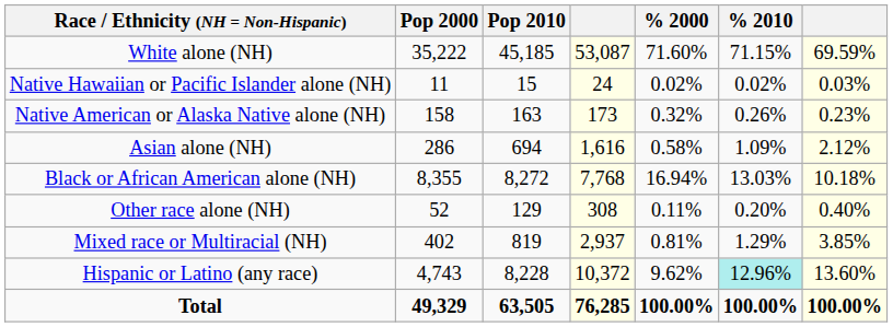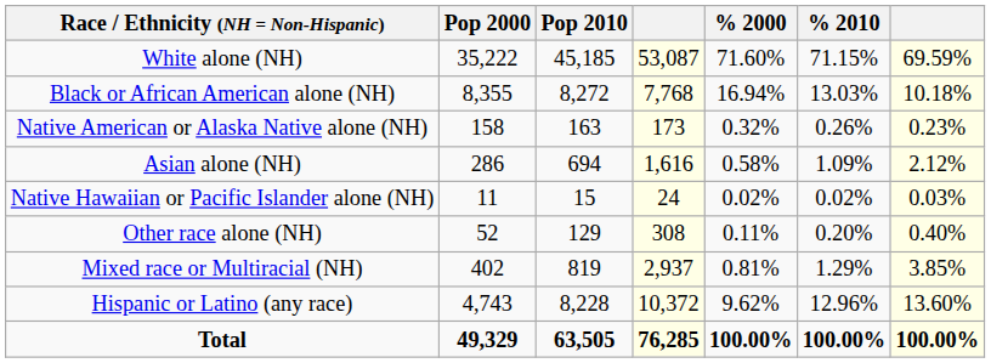 <table class="wikitable" style="text-align:center;">
 <tr>
 <th>Race / Ethnicity <small>(<em>NH = Non-Hispanic</em>)</small></th>
 <th>Pop 2000</th>
 <th>Pop 2010</th>
 <th></th>
 <th>% 2000</th>
 <th>% 2010</th>
 <th></th>
 </tr>
 <tr>
 <td><a href='#'>White</a> alone (NH)</td>
 <td>35,222</td>
 <td>45,185</td>
 <td style='background: #ffffe6;'>53,087</td>
 <td>71.60%</td>
 <td>71.15%</td>
 <td style='background: #ffffe6;'>69.59%</td>
 </tr>
 <tr>
-<td><a href='#'>Native Hawaiian</a> or <a href='#'>Pacific Islander</a> alone (NH)</td>
-<td>11</td>
-<td>15</td>
-<td style='background: #ffffe6;'>24</td>
-<td>0.02%</td>
-<td>0.02%</td>
-<td style='background: #ffffe6;'>0.03%</td>
+<td><a href='#'>Black or African American</a> alone (NH)</td>
+<td>8,355</td>
+<td>8,272</td>
+<td style='background: #ffffe6;'>7,768</td>
+<td>16.94%</td>
+<td>13.03%</td>
+<td style='background: #ffffe6;'>10.18%</td>
 </tr>
 <tr>
 <td><a href='#'>Native American</a> or <a href='#'>Alaska Native</a> alone (NH)</td>
 <td>158</td>
 <td>163</td>
 <td style='background: #ffffe6;'>173</td>
 <td>0.32%</td>
 <td>0.26%</td>
 <td style='background: #ffffe6;'>0.23%</td>
 </tr>
 <tr>
 <td><a href='#'>Asian</a> alone (NH)</td>
 <td>286</td>
 <td>694</td>
 <td style='background: #ffffe6;'>1,616</td>
 <td>0.58%</td>
 <td>1.09%</td>
 <td style='background: #ffffe6;'>2.12%</td>
 </tr>
 <tr>
-<td><a href='#'>Black or African American</a> alone (NH)</td>
-<td>8,355</td>
-<td>8,272</td>
-<td style='background: #ffffe6;'>7,768</td>
-<td>16.94%</td>
-<td>13.03%</td>
-<td style='background: #ffffe6;'>10.18%</td>
+<td><a href='#'>Native Hawaiian</a> or <a href='#'>Pacific Islander</a> alone (NH)</td>
+<td>11</td>
+<td>15</td>
+<td style='background: #ffffe6;'>24</td>
+<td>0.02%</td>
+<td>0.02%</td>
+<td style='background: #ffffe6;'>0.03%</td>
 </tr>
 <tr>
 <td><a href='#'>Other race</a> alone (NH)</td>
 <td>52</td>
 <td>129</td>
 <td style='background: #ffffe6;'>308</td>
 <td>0.11%</td>
 <td>0.20%</td>
 <td style='background: #ffffe6;'>0.40%</td>
 </tr>
 <tr>
 <td><a href='#'>Mixed race or Multiracial</a> (NH)</td>
 <td>402</td>
 <td>819</td>
 <td style='background: #ffffe6;'>2,937</td>
 <td>0.81%</td>
 <td>1.29%</td>
 <td style='background: #ffffe6;'>3.85%</td>
 </tr>
 <tr>
 <td><a href='#'>Hispanic or Latino</a> (any race)</td>
 <td>4,743</td>
 <td>8,228</td>
 <td style='background: #ffffe6;'>10,372</td>
 <td>9.62%</td>
-<td style="background: paleturquoise;">12.96%</td>
+<td>12.96%</td>
 <td style='background: #ffffe6;'>13.60%</td>
 </tr>
 <tr>
 <td><strong>Total</strong></td>
 <td><strong>49,329</strong></td>
 <td><strong>63,505</strong></td>
 <td style='background: #ffffe6;'><strong>76,285</strong></td>
 <td><strong>100.00%</strong></td>
 <td><strong>100.00%</strong></td>
 <td style='background: #ffffe6;'><strong>100.00%</strong></td>
 </tr>
 </table>
